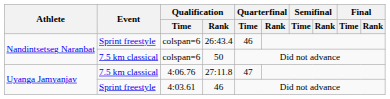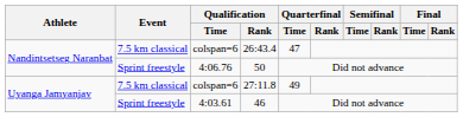 <table class="wikitable" style="font-size:90%">
 <tr>
 <th rowspan="2">Athlete</th>
 <th rowspan="2">Event</th>
 <th colspan="2">Qualification</th>
 <th colspan="2">Quarterfinal</th>
 <th colspan="2">Semifinal</th>
 <th colspan="2">Final</th>
 </tr>
 <tr style="font-size:95%">
 <th>Time</th>
 <th>Rank</th>
 <th>Time</th>
 <th>Rank</th>
 <th>Time</th>
 <th>Rank</th>
 <th>Time</th>
 <th>Rank</th>
 </tr>
 <tr align=center>
 <td align=left rowspan=2><a href='#'>Nandintsetseg Naranbat</a></td>
-<td align=left><a href='#'>Sprint freestyle</a></td>
+<td align=left><a href='#'>7.5 km classical</a></td>
 <td>colspan=6</td>
 <td>26:43.4</td>
-<td>46</td>
+<td>47</td>
 </tr>
 <tr align=center>
-<td align=left><a href='#'>7.5 km classical</a></td>
-<td>colspan=6</td>
+<td align=left><a href='#'>Sprint freestyle</a></td>
+<td>4:06.76</td>
 <td>50</td>
 <td colspan=6>Did not advance</td>
 </tr>
 <tr align=center>
 <td align=left rowspan=2><a href='#'>Uyanga Jamyanjav</a></td>
 <td align=left><a href='#'>7.5 km classical</a></td>
-<td>4:06.76</td>
+<td>colspan=6</td>
 <td>27:11.8</td>
-<td>47</td>
+<td>49</td>
 </tr>
 <tr align=center>
 <td align=left><a href='#'>Sprint freestyle</a></td>
 <td>4:03.61</td>
 <td>46</td>
 <td colspan=6>Did not advance</td>
 </tr>
 </table>
